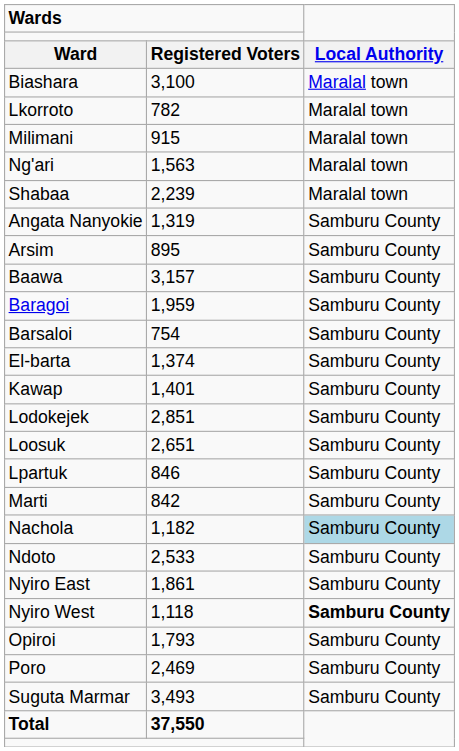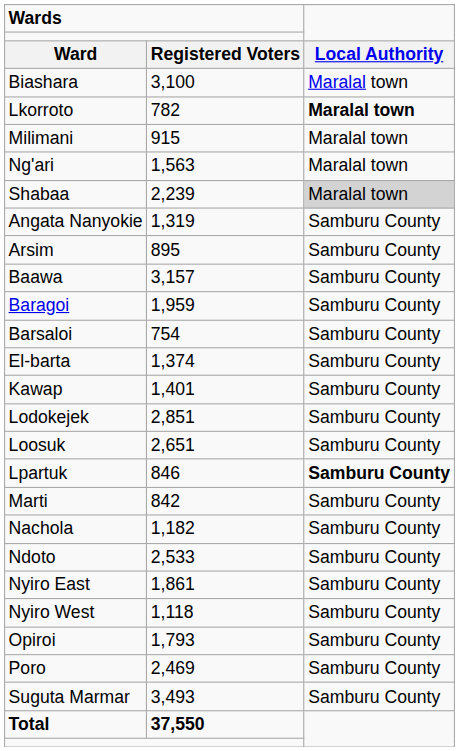 <table class="wikitable">
 <tr>
 <td colspan="2"><strong>Wards</strong></td>
 </tr>
 <tr>
 <td colspan="2"></td>
 </tr>
 <tr>
 <th>Ward</th>
 <th>Registered Voters</th>
 <th><a href='#'>Local Authority</a></th>
 </tr>
 <tr>
 <td>Biashara</td>
 <td>3,100</td>
 <td><a href='#'>Maralal</a> town</td>
 </tr>
 <tr>
 <td>Lkorroto</td>
 <td>782</td>
-<td>Maralal town</td>
+<td><strong>Maralal town</strong></td>
 </tr>
 <tr>
 <td>Milimani</td>
 <td>915</td>
 <td>Maralal town</td>
 </tr>
 <tr>
 <td>Ng'ari</td>
 <td>1,563</td>
 <td>Maralal town</td>
 </tr>
 <tr>
 <td>Shabaa</td>
 <td>2,239</td>
-<td>Maralal town</td>
+<td style="background: lightgrey;">Maralal town</td>
 </tr>
 <tr>
 <td>Angata Nanyokie</td>
 <td>1,319</td>
 <td>Samburu County</td>
 </tr>
 <tr>
 <td>Arsim</td>
 <td>895</td>
 <td>Samburu County</td>
 </tr>
 <tr>
 <td>Baawa</td>
 <td>3,157</td>
 <td>Samburu County</td>
 </tr>
 <tr>
 <td><a href='#'>Baragoi</a></td>
 <td>1,959</td>
 <td>Samburu County</td>
 </tr>
 <tr>
 <td>Barsaloi</td>
 <td>754</td>
 <td>Samburu County</td>
 </tr>
 <tr>
 <td>El-barta</td>
 <td>1,374</td>
 <td>Samburu County</td>
 </tr>
 <tr>
 <td>Kawap</td>
 <td>1,401</td>
 <td>Samburu County</td>
 </tr>
 <tr>
 <td>Lodokejek</td>
 <td>2,851</td>
 <td>Samburu County</td>
 </tr>
 <tr>
 <td>Loosuk</td>
 <td>2,651</td>
 <td>Samburu County</td>
 </tr>
 <tr>
 <td>Lpartuk</td>
 <td>846</td>
-<td>Samburu County</td>
+<td><strong>Samburu County</strong></td>
 </tr>
 <tr>
 <td>Marti</td>
 <td>842</td>
 <td>Samburu County</td>
 </tr>
 <tr>
 <td>Nachola</td>
 <td>1,182</td>
-<td style="background: lightblue;">Samburu County</td>
+<td>Samburu County</td>
 </tr>
 <tr>
 <td>Ndoto</td>
 <td>2,533</td>
 <td>Samburu County</td>
 </tr>
 <tr>
 <td>Nyiro East</td>
 <td>1,861</td>
 <td>Samburu County</td>
 </tr>
 <tr>
 <td>Nyiro West</td>
 <td>1,118</td>
-<td><strong>Samburu County</strong></td>
+<td>Samburu County</td>
 </tr>
 <tr>
 <td>Opiroi</td>
 <td>1,793</td>
 <td>Samburu County</td>
 </tr>
 <tr>
 <td>Poro</td>
 <td>2,469</td>
 <td>Samburu County</td>
 </tr>
 <tr>
 <td>Suguta Marmar</td>
 <td>3,493</td>
 <td>Samburu County</td>
 </tr>
 <tr>
 <td><strong>Total</strong></td>
 <td><strong>37,550</strong></td>
 </tr>
 <tr>
 <td colspan="2"></td>
 </tr>
 </table>
